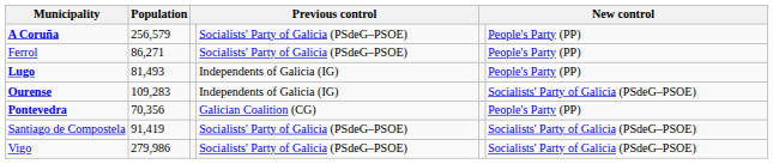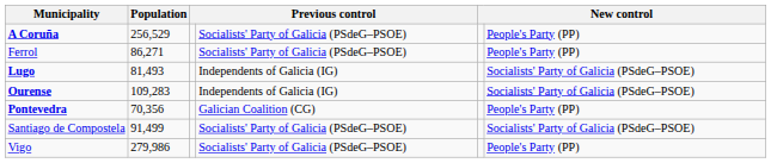 <table class="wikitable sortable">
 <tr>
 <th>Municipality</th>
 <th>Population</th>
 <th colspan="2" style="width:375px;">Previous control</th>
 <th colspan="2" style="width:375px;">New control</th>
 </tr>
 <tr>
 <td><strong><a href='#'>A Coruña</a></strong></td>
-<td>256,579</td>
+<td>256,529</td>
 <td width="1" style="color:inherit;background:"></td>
 <td><a href='#'>Socialists' Party of Galicia</a> (PSdeG–PSOE)</td>
 <td width="1" style="color:inherit;background:"></td>
 <td><a href='#'>People's Party</a> (PP)</td>
 </tr>
 <tr>
 <td><a href='#'>Ferrol</a></td>
 <td>86,271</td>
 <td style="color:inherit;background:"></td>
 <td><a href='#'>Socialists' Party of Galicia</a> (PSdeG–PSOE)</td>
 <td style="color:inherit;background:"></td>
 <td><a href='#'>People's Party</a> (PP) </td>
 </tr>
 <tr>
 <td><strong><a href='#'>Lugo</a></strong></td>
 <td>81,493</td>
 <td style="color:inherit;background:"></td>
 <td>Independents of Galicia (IG)</td>
 <td style="color:inherit;background:"></td>
-<td><a href='#'>People's Party</a> (PP)</td>
+<td><a href='#'>Socialists' Party of Galicia</a> (PSdeG–PSOE)</td>
 </tr>
 <tr>
 <td><strong><a href='#'>Ourense</a></strong></td>
 <td>109,283</td>
 <td style="color:inherit;background:"></td>
 <td>Independents of Galicia (IG)</td>
 <td style="color:inherit;background:"></td>
 <td><a href='#'>Socialists' Party of Galicia</a> (PSdeG–PSOE)</td>
 </tr>
 <tr>
 <td><strong><a href='#'>Pontevedra</a></strong></td>
 <td>70,356</td>
 <td style="color:inherit;background:"></td>
 <td><a href='#'>Galician Coalition</a> (CG)</td>
 <td style="color:inherit;background:"></td>
 <td><a href='#'>People's Party</a> (PP)</td>
 </tr>
 <tr>
 <td><a href='#'>Santiago de Compostela</a></td>
-<td>91,419</td>
+<td>91,499</td>
 <td style="color:inherit;background:"></td>
 <td><a href='#'>Socialists' Party of Galicia</a> (PSdeG–PSOE)</td>
 <td style="color:inherit;background:"></td>
 <td><a href='#'>Socialists' Party of Galicia</a> (PSdeG–PSOE)</td>
 </tr>
 <tr>
 <td><a href='#'>Vigo</a></td>
 <td>279,986</td>
 <td style="color:inherit;background:"></td>
 <td><a href='#'>Socialists' Party of Galicia</a> (PSdeG–PSOE)</td>
 <td style="color:inherit;background:"></td>
-<td><a href='#'>Socialists' Party of Galicia</a> (PSdeG–PSOE)</td>
+<td><a href='#'>People's Party</a> (PP) </td>
 </tr>
 </table>
